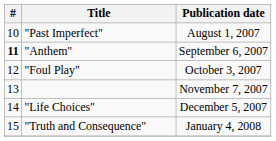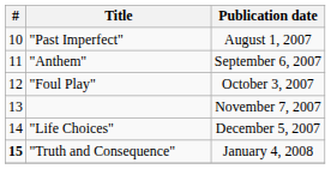 <table class="wikitable sortable">
 <tr>
 <th>#</th>
 <th style="width:58%;">Title</th>
 <th>Publication date</th>
 </tr>
 <tr>
 <td style="text-align:center;">10</td>
 <td>"Past Imperfect"</td>
 <td style="text-align:center;">August 1, 2007</td>
 </tr>
 <tr>
-<td style="text-align:center;"><strong>11</strong></td>
+<td style="text-align:center;">11</td>
 <td>"Anthem"</td>
 <td style="text-align:center;">September 6, 2007</td>
 </tr>
 <tr>
 <td style="text-align:center;">12</td>
 <td>"Foul Play"</td>
 <td style="text-align:center;">October 3, 2007</td>
 </tr>
 <tr>
 <td style="text-align:center;">13</td>
 <td></td>
 <td style="text-align:center;">November 7, 2007</td>
 </tr>
 <tr>
 <td style="text-align:center;">14</td>
 <td>"Life Choices"</td>
 <td style="text-align:center;">December 5, 2007</td>
 </tr>
 <tr>
-<td style="text-align:center;">15</td>
+<td style="text-align:center;"><strong>15</strong></td>
 <td>"Truth and Consequence"</td>
 <td style="text-align:center;">January 4, 2008</td>
 </tr>
 <tr>
 </tr>
 </table>
